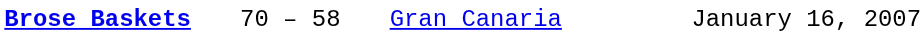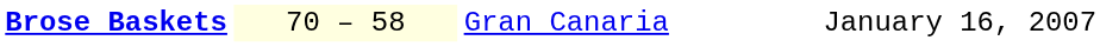 <table style="text-align:center">
 <tr>
 <th width=160></th>
 <th width=100></th>
 <th width=160></th>
 <th width=200></th>
 </tr>
 <tr>
 <td align=right><strong><a href='#'>Brose Baskets</a></strong> </td>
-<td>70 – 58</td>
+<td style="background: lightyellow;">70 – 58</td>
 <td align=left> <a href='#'>Gran Canaria</a></td>
 <td align=left>January 16, 2007</td>
 </tr>
 </table>
